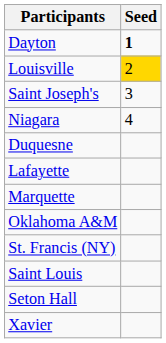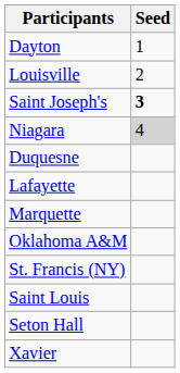 <table class="wikitable">
 <tr>
 <th>Participants</th>
 <th>Seed</th>
 </tr>
 <tr>
 <td><a href='#'>Dayton</a></td>
-<td><strong>1</strong></td>
+<td>1</td>
 </tr>
 <tr>
 <td><a href='#'>Louisville</a></td>
-<td style="background: gold;">2</td>
+<td>2</td>
 </tr>
 <tr>
 <td><a href='#'>Saint Joseph's</a></td>
-<td>3</td>
+<td><strong>3</strong></td>
 </tr>
 <tr>
 <td><a href='#'>Niagara</a></td>
-<td>4</td>
+<td style="background: lightgrey;">4</td>
 </tr>
 <tr>
 <td><a href='#'>Duquesne</a></td>
 <td></td>
 </tr>
 <tr>
 <td><a href='#'>Lafayette</a></td>
 <td></td>
 </tr>
 <tr>
 <td><a href='#'>Marquette</a></td>
 <td></td>
 </tr>
 <tr>
 <td><a href='#'>Oklahoma A&M</a></td>
 <td></td>
 </tr>
 <tr>
 <td><a href='#'>St. Francis (NY)</a></td>
 <td></td>
 </tr>
 <tr>
 <td><a href='#'>Saint Louis</a></td>
 <td></td>
 </tr>
 <tr>
 <td><a href='#'>Seton Hall</a></td>
 <td></td>
 </tr>
 <tr>
 <td><a href='#'>Xavier</a></td>
 <td></td>
 </tr>
 </table>
